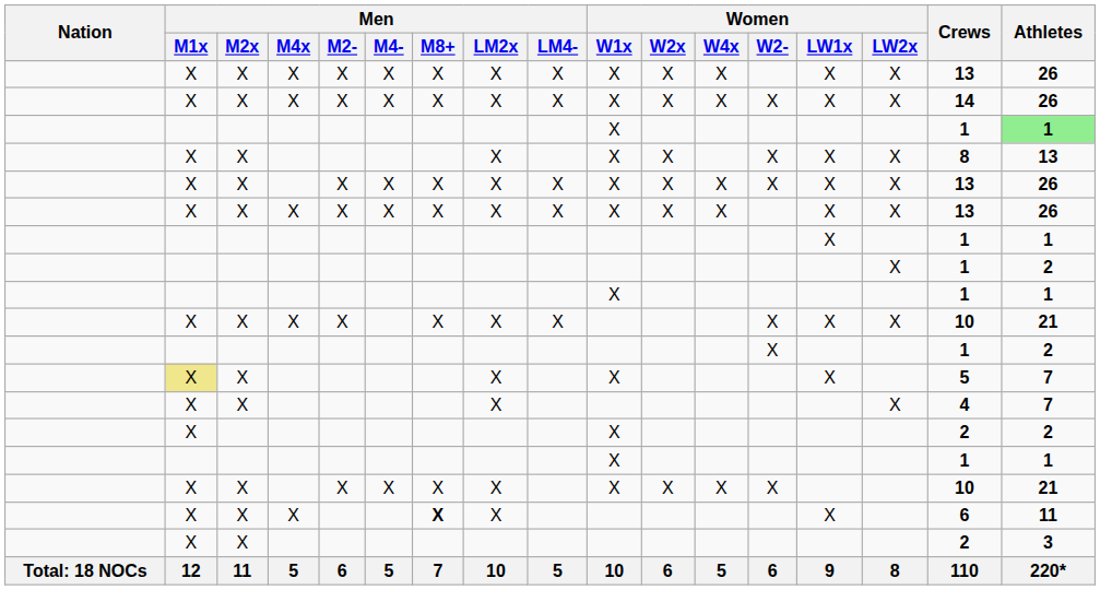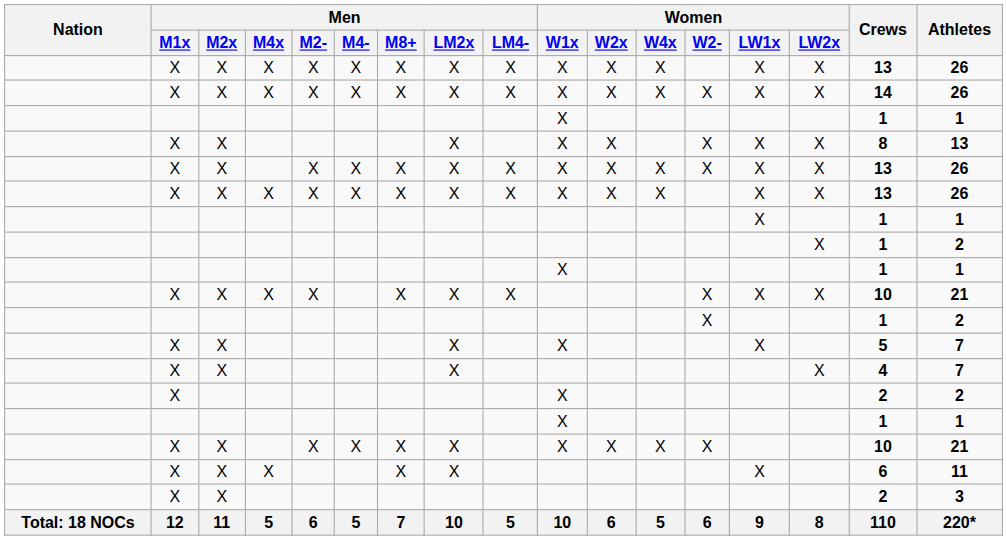 <table class="wikitable" width=900 style="text-align:center; font-size:90%">
 <tr>
 <th rowspan="2" align="left">Nation</th>
 <th colspan="8">Men</th>
 <th colspan="6">Women</th>
 <th rowspan="2">Crews</th>
 <th rowspan=2>Athletes</th>
 </tr>
 <tr>
 <th><a href='#'>M1x</a></th>
 <th><a href='#'>M2x</a></th>
 <th><a href='#'>M4x</a></th>
 <th><a href='#'>M2-</a></th>
 <th><a href='#'>M4-</a></th>
 <th><a href='#'>M8+</a></th>
 <th><a href='#'>LM2x</a></th>
 <th><a href='#'>LM4-</a></th>
 <th><a href='#'>W1x</a></th>
 <th><a href='#'>W2x</a></th>
 <th><a href='#'>W4x</a></th>
 <th><a href='#'>W2-</a></th>
 <th><a href='#'>LW1x</a></th>
 <th><a href='#'>LW2x</a></th>
 </tr>
 <tr>
 <td style="text-align:left;"></td>
 <td>X</td>
 <td>X</td>
 <td>X</td>
 <td>X</td>
 <td>X</td>
 <td>X</td>
 <td>X</td>
 <td>X</td>
 <td>X</td>
 <td>X</td>
 <td>X</td>
 <td></td>
 <td>X</td>
 <td>X</td>
 <td><strong>13</strong></td>
 <td><strong>26</strong></td>
 </tr>
 <tr>
 <td style="text-align:left;"></td>
 <td>X</td>
 <td>X</td>
 <td>X</td>
 <td>X</td>
 <td>X</td>
 <td>X</td>
 <td>X</td>
 <td>X</td>
 <td>X</td>
 <td>X</td>
 <td>X</td>
 <td>X</td>
 <td>X</td>
 <td>X</td>
 <td><strong>14</strong></td>
 <td><strong>26</strong></td>
 </tr>
 <tr>
 <td style="text-align:left;"></td>
 <td></td>
 <td></td>
 <td></td>
 <td></td>
 <td></td>
 <td></td>
 <td></td>
 <td></td>
 <td>X</td>
 <td></td>
 <td></td>
 <td></td>
 <td></td>
 <td></td>
 <td><strong>1</strong></td>
-<td style="background: lightgreen;"><strong>1</strong></td>
+<td><strong>1</strong></td>
 </tr>
 <tr>
 <td style="text-align:left;"></td>
 <td>X</td>
 <td>X</td>
 <td></td>
 <td></td>
 <td></td>
 <td></td>
 <td>X</td>
 <td></td>
 <td>X</td>
 <td>X</td>
 <td></td>
 <td>X</td>
 <td>X</td>
 <td>X</td>
 <td><strong>8</strong></td>
 <td><strong>13</strong></td>
 </tr>
 <tr>
 <td style="text-align:left;"></td>
 <td>X</td>
 <td>X</td>
 <td></td>
 <td>X</td>
 <td>X</td>
 <td>X</td>
 <td>X</td>
 <td>X</td>
 <td>X</td>
 <td>X</td>
 <td>X</td>
 <td>X</td>
 <td>X</td>
 <td>X</td>
 <td><strong>13</strong></td>
 <td><strong>26</strong></td>
 </tr>
 <tr>
 <td style="text-align:left;"></td>
 <td>X</td>
 <td>X</td>
 <td>X</td>
 <td>X</td>
 <td>X</td>
 <td>X</td>
 <td>X</td>
 <td>X</td>
 <td>X</td>
 <td>X</td>
 <td>X</td>
 <td></td>
 <td>X</td>
 <td>X</td>
 <td><strong>13</strong></td>
 <td><strong>26</strong></td>
 </tr>
 <tr>
 <td style="text-align:left;"></td>
 <td></td>
 <td></td>
 <td></td>
 <td></td>
 <td></td>
 <td></td>
 <td></td>
 <td></td>
 <td></td>
 <td></td>
 <td></td>
 <td></td>
 <td>X</td>
 <td></td>
 <td><strong>1</strong></td>
 <td><strong>1</strong></td>
 </tr>
 <tr>
 <td style="text-align:left;"></td>
 <td></td>
 <td></td>
 <td></td>
 <td></td>
 <td></td>
 <td></td>
 <td></td>
 <td></td>
 <td></td>
 <td></td>
 <td></td>
 <td></td>
 <td></td>
 <td>X</td>
 <td><strong>1</strong></td>
 <td><strong>2</strong></td>
 </tr>
 <tr>
 <td style="text-align:left;"></td>
 <td></td>
 <td></td>
 <td></td>
 <td></td>
 <td></td>
 <td></td>
 <td></td>
 <td></td>
 <td>X</td>
 <td></td>
 <td></td>
 <td></td>
 <td></td>
 <td></td>
 <td><strong>1</strong></td>
 <td><strong>1</strong></td>
 </tr>
 <tr>
 <td style="text-align:left;"></td>
 <td>X</td>
 <td>X</td>
 <td>X</td>
 <td>X</td>
 <td></td>
 <td>X</td>
 <td>X</td>
 <td>X</td>
 <td></td>
 <td></td>
 <td></td>
 <td>X</td>
 <td>X</td>
 <td>X</td>
 <td><strong>10</strong></td>
 <td><strong>21</strong></td>
 </tr>
 <tr>
 <td style="text-align:left;"></td>
 <td></td>
 <td></td>
 <td></td>
 <td></td>
 <td></td>
 <td></td>
 <td></td>
 <td></td>
 <td></td>
 <td></td>
 <td></td>
 <td>X</td>
 <td></td>
 <td></td>
 <td><strong>1</strong></td>
 <td><strong>2</strong></td>
 </tr>
 <tr>
 <td style="text-align:left;"></td>
-<td style="background: khaki;">X</td>
+<td>X</td>
 <td>X</td>
 <td></td>
 <td></td>
 <td></td>
 <td></td>
 <td>X</td>
 <td></td>
 <td>X</td>
 <td></td>
 <td></td>
 <td></td>
 <td>X</td>
 <td></td>
 <td><strong>5</strong></td>
 <td><strong>7</strong></td>
 </tr>
 <tr>
 <td style="text-align:left;"></td>
 <td>X</td>
 <td>X</td>
 <td></td>
 <td></td>
 <td></td>
 <td></td>
 <td>X</td>
 <td></td>
 <td></td>
 <td></td>
 <td></td>
 <td></td>
 <td></td>
 <td>X</td>
 <td><strong>4</strong></td>
 <td><strong>7</strong></td>
 </tr>
 <tr>
 <td style="text-align:left;"></td>
 <td>X</td>
 <td></td>
 <td></td>
 <td></td>
 <td></td>
 <td></td>
 <td></td>
 <td></td>
 <td>X</td>
 <td></td>
 <td></td>
 <td></td>
 <td></td>
 <td></td>
 <td><strong>2</strong></td>
 <td><strong>2</strong></td>
 </tr>
 <tr>
 <td style="text-align:left;"></td>
 <td></td>
 <td></td>
 <td></td>
 <td></td>
 <td></td>
 <td></td>
 <td></td>
 <td></td>
 <td>X</td>
 <td></td>
 <td></td>
 <td></td>
 <td></td>
 <td></td>
 <td><strong>1</strong></td>
 <td><strong>1</strong></td>
 </tr>
 <tr>
 <td style="text-align:left;"></td>
 <td>X</td>
 <td>X</td>
 <td></td>
 <td>X</td>
 <td>X</td>
 <td>X</td>
 <td>X</td>
 <td></td>
 <td>X</td>
 <td>X</td>
 <td>X</td>
 <td>X</td>
 <td></td>
 <td></td>
 <td><strong>10</strong></td>
 <td><strong>21</strong></td>
 </tr>
 <tr>
 <td style="text-align:left;"></td>
 <td>X</td>
 <td>X</td>
 <td>X</td>
 <td></td>
 <td></td>
-<td><strong>X</strong></td>
+<td>X</td>
 <td>X</td>
 <td></td>
 <td></td>
 <td></td>
 <td></td>
 <td></td>
 <td>X</td>
 <td></td>
 <td><strong>6</strong></td>
 <td><strong>11</strong></td>
 </tr>
 <tr>
 <td style="text-align:left;"></td>
 <td>X</td>
 <td>X</td>
 <td></td>
 <td></td>
 <td></td>
 <td></td>
 <td></td>
 <td></td>
 <td></td>
 <td></td>
 <td></td>
 <td></td>
 <td></td>
 <td></td>
 <td><strong>2</strong></td>
 <td><strong>3</strong></td>
 </tr>
 <tr>
 <th>Total: 18 NOCs</th>
 <th>12</th>
 <th>11</th>
 <th>5</th>
 <th>6</th>
 <th>5</th>
 <th>7</th>
 <th>10</th>
 <th>5</th>
 <th>10</th>
 <th>6</th>
 <th>5</th>
 <th>6</th>
 <th>9</th>
 <th>8</th>
 <th>110</th>
 <th>220*</th>
 </tr>
 </table>
